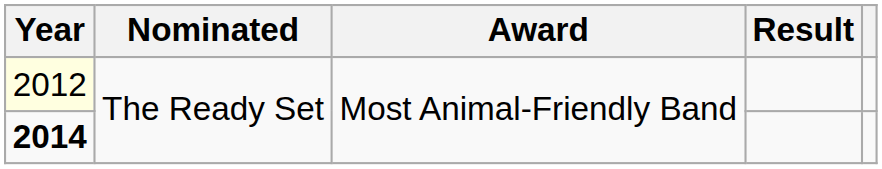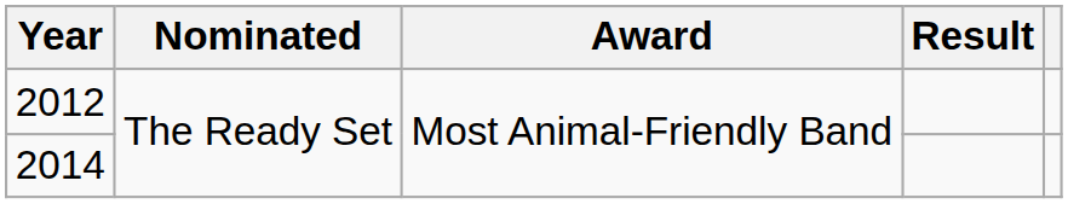 <table class="wikitable">
 <tr>
 <th>Year</th>
 <th>Nominated</th>
 <th>Award</th>
 <th>Result</th>
 <th></th>
 </tr>
 <tr>
-<td style="background: lightyellow;">2012</td>
+<td>2012</td>
 <td rowspan="2">The Ready Set</td>
 <td rowspan="2">Most Animal-Friendly Band</td>
 <td></td>
 <td style="text-align:center;"></td>
 </tr>
 <tr>
-<td><strong>2014</strong></td>
+<td>2014</td>
 <td></td>
 <td style="text-align:center;"></td>
 </tr>
 </table>
